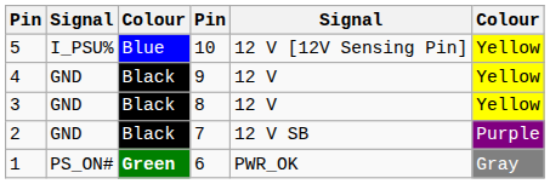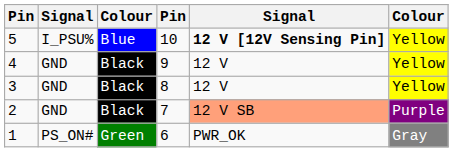 <table class="wikitable">
 <tr>
 <th>Pin</th>
 <th>Signal</th>
 <th>Colour</th>
 <th>Pin</th>
 <th>Signal</th>
 <th>Colour</th>
 </tr>
 <tr>
 <td>5</td>
 <td>I_PSU%</td>
 <td style="background-color:blue; color:white;">Blue</td>
 <td>10</td>
-<td>12 V [12V Sensing Pin]</td>
+<td><strong>12 V [12V Sensing Pin]</strong></td>
 <td style="background-color:yellow; color:black;">Yellow</td>
 </tr>
 <tr>
 <td>4</td>
 <td>GND</td>
 <td style="background-color:black; color:white;">Black</td>
 <td>9</td>
 <td>12 V</td>
 <td style="background-color:yellow; color:black;">Yellow</td>
 </tr>
 <tr>
 <td>3</td>
 <td>GND</td>
 <td style="background-color:black; color:white;">Black</td>
 <td>8</td>
 <td>12 V</td>
 <td style="background-color:yellow; color:black;">Yellow</td>
 </tr>
 <tr>
 <td>2</td>
 <td>GND</td>
 <td style="background-color:black; color:white;">Black</td>
 <td>7</td>
-<td>12 V SB</td>
+<td style="background: lightsalmon;">12 V SB</td>
 <td style="background-color:purple; color:white;">Purple</td>
 </tr>
 <tr>
 <td>1</td>
 <td>PS_ON#</td>
-<td style="background-color:green; color:white;"><strong>Green</strong></td>
+<td style="background-color:green; color:white;">Green</td>
 <td>6</td>
 <td>PWR_OK</td>
 <td style="background-color:gray; color:white;">Gray</td>
 </tr>
 </table>
